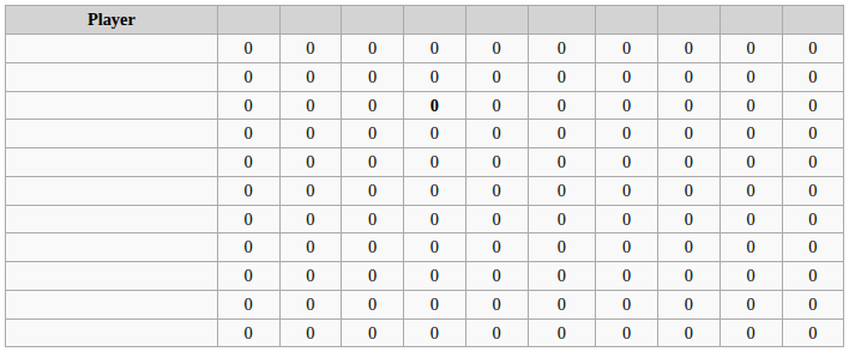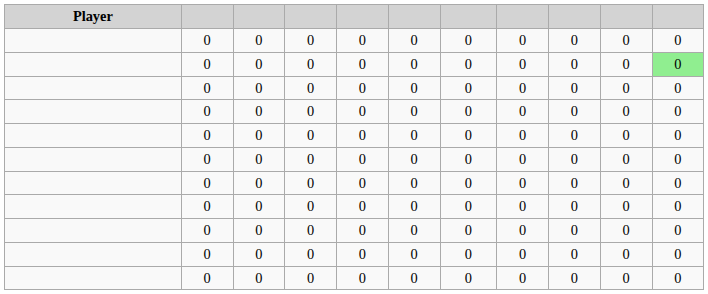 <table class="wikitable sortable" style="text-align:center; font-size:90%">
 <tr>
 <th width=170px style=background:lightgrey>Player</th>
 <th width=45px style=background:lightgrey></th>
 <th width=45px style=background:lightgrey></th>
 <th width=45px style=background:lightgrey></th>
 <th width=45px style=background:lightgrey></th>
 <th width=45px style=background:lightgrey></th>
 <th width=50px style=background:lightgrey></th>
 <th width=45px style=background:lightgrey></th>
 <th width=45px style=background:lightgrey></th>
 <th width=45px style=background:lightgrey></th>
 <th width=45px style=background:lightgrey></th>
 </tr>
 <tr>
 <td></td>
 <td>0</td>
 <td>0</td>
 <td>0</td>
 <td>0</td>
 <td>0</td>
 <td>0</td>
 <td>0</td>
 <td>0</td>
 <td>0</td>
 <td>0</td>
 </tr>
 <tr>
 <td></td>
 <td>0</td>
 <td>0</td>
 <td>0</td>
 <td>0</td>
 <td>0</td>
 <td>0</td>
 <td>0</td>
 <td>0</td>
 <td>0</td>
-<td>0</td>
+<td style="background: lightgreen;">0</td>
 </tr>
 <tr>
 <td></td>
 <td>0</td>
 <td>0</td>
 <td>0</td>
-<td><strong>0</strong></td>
+<td>0</td>
 <td>0</td>
 <td>0</td>
 <td>0</td>
 <td>0</td>
 <td>0</td>
 <td>0</td>
 </tr>
 <tr>
 <td></td>
 <td>0</td>
 <td>0</td>
 <td>0</td>
 <td>0</td>
 <td>0</td>
 <td>0</td>
 <td>0</td>
 <td>0</td>
 <td>0</td>
 <td>0</td>
 </tr>
 <tr>
 <td></td>
 <td>0</td>
 <td>0</td>
 <td>0</td>
 <td>0</td>
 <td>0</td>
 <td>0</td>
 <td>0</td>
 <td>0</td>
 <td>0</td>
 <td>0</td>
 </tr>
 <tr>
 <td></td>
 <td>0</td>
 <td>0</td>
 <td>0</td>
 <td>0</td>
 <td>0</td>
 <td>0</td>
 <td>0</td>
 <td>0</td>
 <td>0</td>
 <td>0</td>
 </tr>
 <tr>
 <td></td>
 <td>0</td>
 <td>0</td>
 <td>0</td>
 <td>0</td>
 <td>0</td>
 <td>0</td>
 <td>0</td>
 <td>0</td>
 <td>0</td>
 <td>0</td>
 </tr>
 <tr>
 <td></td>
 <td>0</td>
 <td>0</td>
 <td>0</td>
 <td>0</td>
 <td>0</td>
 <td>0</td>
 <td>0</td>
 <td>0</td>
 <td>0</td>
 <td>0</td>
 </tr>
 <tr>
 <td></td>
 <td>0</td>
 <td>0</td>
 <td>0</td>
 <td>0</td>
 <td>0</td>
 <td>0</td>
 <td>0</td>
 <td>0</td>
 <td>0</td>
 <td>0</td>
 </tr>
 <tr>
 <td></td>
 <td>0</td>
 <td>0</td>
 <td>0</td>
 <td>0</td>
 <td>0</td>
 <td>0</td>
 <td>0</td>
 <td>0</td>
 <td>0</td>
 <td>0</td>
 </tr>
 <tr>
 <td></td>
 <td>0</td>
 <td>0</td>
 <td>0</td>
 <td>0</td>
 <td>0</td>
 <td>0</td>
 <td>0</td>
 <td>0</td>
 <td>0</td>
 <td>0</td>
 </tr>
 </table>
